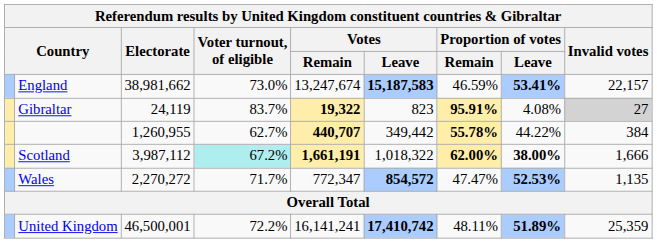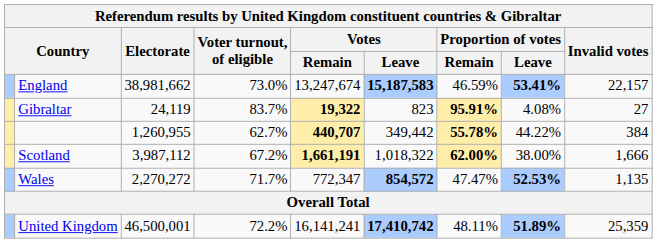 <table class="wikitable sortable">
 <tr>
 <th colspan=10>Referendum results by United Kingdom constituent countries & Gibraltar</th>
 </tr>
 <tr>
 <th rowspan=2 colspan=2>Country</th>
 <th rowspan=2>Electorate</th>
 <th rowspan=2>Voter turnout, <br>of eligible</th>
 <th colspan=2>Votes</th>
 <th colspan=2>Proportion of votes</th>
 <th rowspan=2 colspan=2>Invalid votes</th>
 </tr>
 <tr>
 <th>Remain</th>
 <th>Leave</th>
 <th>Remain</th>
 <th>Leave</th>
 </tr>
 <tr>
 <td style="text-align: right; background:#acf;"> </td>
 <td><a href='#'>England</a></td>
 <td style="text-align: right;">38,981,662</td>
 <td style="text-align: right;">73.0%</td>
 <td style="text-align: right;">13,247,674</td>
 <td style="text-align: right; background:#acf;"><strong>15,187,583</strong></td>
 <td style="text-align: right;">46.59%</td>
 <td style="text-align: right; background:#acf;"><strong>53.41%</strong></td>
 <td style="text-align: right;">22,157</td>
 </tr>
 <tr>
 <td style="text-align: right; background:#fea"> </td>
 <td><a href='#'>Gibraltar</a></td>
 <td style="text-align: right;">24,119</td>
 <td style="text-align: right;">83.7%</td>
 <td style="text-align: right; background:#fea;"><strong>19,322</strong></td>
 <td style="text-align: right;">823</td>
 <td style="text-align: right; background:#fea;"><strong>95.91%</strong></td>
 <td style="text-align: right;">4.08%</td>
-<td style="background: lightgrey; text-align: right;">27</td>
+<td style="text-align: right;">27</td>
 </tr>
 <tr>
 <td style="text-align: right; background:#fea"> </td>
 <td></td>
 <td style="text-align: right;">1,260,955</td>
 <td style="text-align: right;">62.7%</td>
 <td style="text-align: right; background:#fea;"><strong>440,707</strong></td>
 <td style="text-align: right;">349,442</td>
 <td style="text-align: right; background:#fea;"><strong>55.78%</strong></td>
 <td style="text-align: right;">44.22%</td>
 <td style="text-align: right;">384</td>
 </tr>
 <tr>
 <td style="text-align: right; background:#fea"> </td>
 <td><a href='#'>Scotland</a></td>
 <td style="text-align: right;">3,987,112</td>
-<td style="background: paleturquoise; text-align: right;">67.2%</td>
+<td style="text-align: right;">67.2%</td>
 <td style="text-align: right; background:#fea;"><strong>1,661,191</strong></td>
 <td style="text-align: right;">1,018,322</td>
 <td style="text-align: right; background:#fea;"><strong>62.00%</strong></td>
-<td style="text-align: right;"><strong>38.00%</strong></td>
+<td style="text-align: right;">38.00%</td>
 <td style="text-align: right;">1,666</td>
 </tr>
 <tr>
 <td style="text-align: right; background:#acf;"> </td>
 <td><a href='#'>Wales</a></td>
 <td style="text-align: right;">2,270,272</td>
 <td style="text-align: right;">71.7%</td>
 <td style="text-align: right;">772,347</td>
 <td style="text-align: right; background:#acf;"><strong>854,572</strong></td>
 <td style="text-align: right;">47.47%</td>
 <td style="text-align: right; background:#acf;"><strong>52.53%</strong></td>
 <td style="text-align: right;">1,135</td>
 </tr>
 <tr>
 <th colspan=10>Overall Total</th>
 </tr>
 <tr>
 <td style="text-align: right; background:#acf;"> </td>
 <td><a href='#'>United Kingdom</a></td>
 <td style="text-align: right;">46,500,001</td>
 <td style="text-align: right;">72.2%</td>
 <td style="text-align: right;">16,141,241</td>
 <td style="text-align: right; background:#acf;"><strong>17,410,742</strong></td>
 <td style="text-align: right;">48.11%</td>
 <td style="text-align: right; background:#acf;"><strong>51.89%</strong></td>
 <td style="text-align: right;">25,359</td>
 </tr>
 </table>
